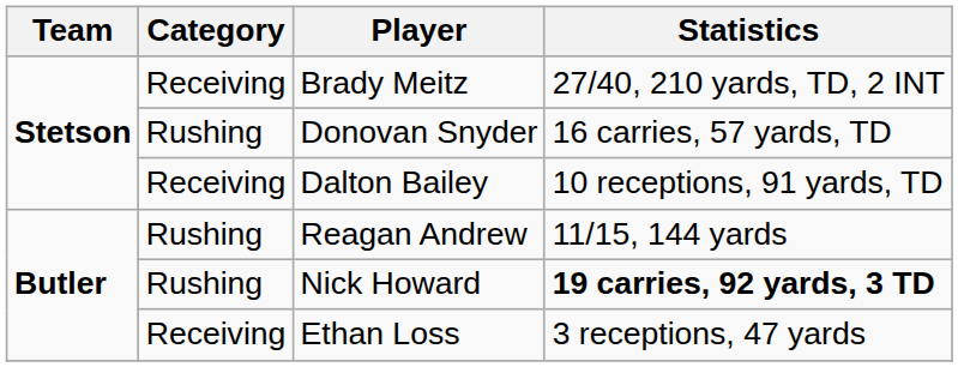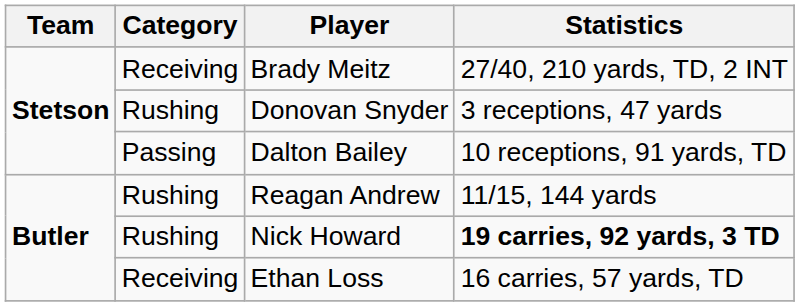 <table class="wikitable" style="float: right;">
 <tr>
 <th>Team</th>
 <th>Category</th>
 <th>Player</th>
 <th>Statistics</th>
 </tr>
 <tr>
 <td rowspan=3><strong>Stetson</strong></td>
 <td>Receiving</td>
 <td>Brady Meitz</td>
 <td>27/40, 210 yards, TD, 2 INT</td>
 </tr>
 <tr>
 <td>Rushing</td>
 <td>Donovan Snyder</td>
-<td>16 carries, 57 yards, TD</td>
+<td>3 receptions, 47 yards</td>
 </tr>
 <tr>
-<td>Receiving</td>
+<td>Passing</td>
 <td>Dalton Bailey</td>
 <td>10 receptions, 91 yards, TD</td>
 </tr>
 <tr>
 <td rowspan=3><strong>Butler</strong></td>
 <td>Rushing</td>
 <td>Reagan Andrew</td>
 <td>11/15, 144 yards</td>
 </tr>
 <tr>
 <td>Rushing</td>
 <td>Nick Howard</td>
 <td><strong>19 carries, 92 yards, 3 TD</strong></td>
 </tr>
 <tr>
 <td>Receiving</td>
 <td>Ethan Loss</td>
-<td>3 receptions, 47 yards</td>
+<td>16 carries, 57 yards, TD</td>
 </tr>
 </table>
